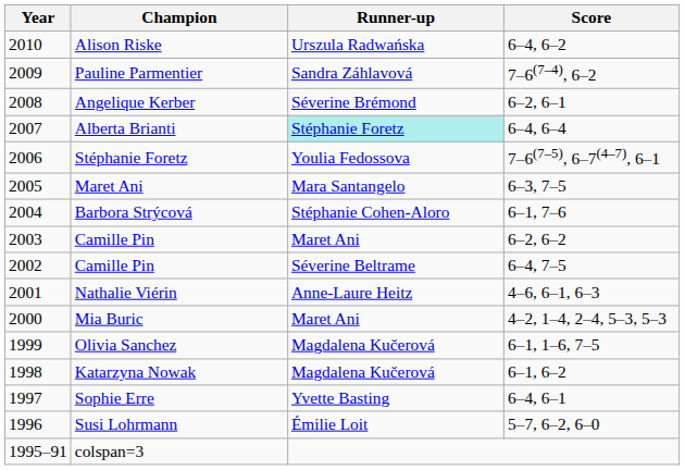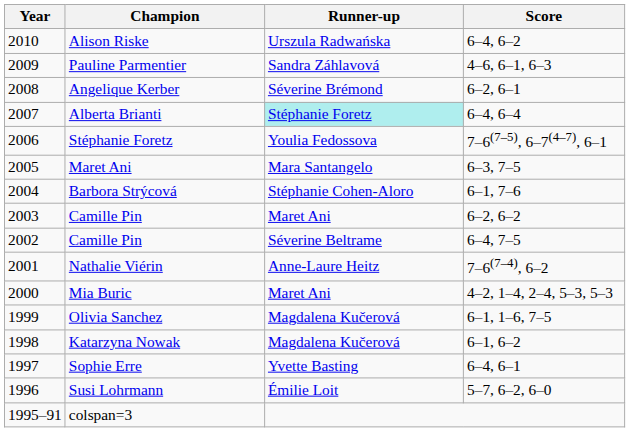 <table class="wikitable">
 <tr>
 <th>Year</th>
 <th width="200">Champion</th>
 <th width="200">Runner-up</th>
 <th width="160">Score</th>
 </tr>
 <tr>
 <td>2010</td>
 <td> <a href='#'>Alison Riske</a></td>
 <td> <a href='#'>Urszula Radwańska</a></td>
 <td>6–4, 6–2</td>
 </tr>
 <tr>
 <td>2009</td>
 <td> <a href='#'>Pauline Parmentier</a></td>
 <td> <a href='#'>Sandra Záhlavová</a></td>
-<td>7–6<sup>(7–4)</sup>, 6–2</td>
+<td>4–6, 6–1, 6–3</td>
 </tr>
 <tr>
 <td>2008</td>
 <td> <a href='#'>Angelique Kerber</a></td>
 <td> <a href='#'>Séverine Brémond</a></td>
 <td>6–2, 6–1</td>
 </tr>
 <tr>
 <td>2007</td>
 <td> <a href='#'>Alberta Brianti</a></td>
 <td style="background: paleturquoise;"> <a href='#'>Stéphanie Foretz</a></td>
 <td>6–4, 6–4</td>
 </tr>
 <tr>
 <td>2006</td>
 <td> <a href='#'>Stéphanie Foretz</a></td>
 <td> <a href='#'>Youlia Fedossova</a></td>
 <td>7–6<sup>(7–5)</sup>, 6–7<sup>(4–7)</sup>, 6–1</td>
 </tr>
 <tr>
 <td>2005</td>
 <td> <a href='#'>Maret Ani</a></td>
 <td> <a href='#'>Mara Santangelo</a></td>
 <td>6–3, 7–5</td>
 </tr>
 <tr>
 <td>2004</td>
 <td> <a href='#'>Barbora Strýcová</a></td>
 <td> <a href='#'>Stéphanie Cohen-Aloro</a></td>
 <td>6–1, 7–6</td>
 </tr>
 <tr>
 <td>2003</td>
 <td> <a href='#'>Camille Pin</a></td>
 <td> <a href='#'>Maret Ani</a></td>
 <td>6–2, 6–2</td>
 </tr>
 <tr>
 <td>2002</td>
 <td> <a href='#'>Camille Pin</a></td>
 <td> <a href='#'>Séverine Beltrame</a></td>
 <td>6–4, 7–5</td>
 </tr>
 <tr>
 <td>2001</td>
 <td> <a href='#'>Nathalie Viérin</a></td>
 <td> <a href='#'>Anne-Laure Heitz</a></td>
-<td>4–6, 6–1, 6–3</td>
+<td>7–6<sup>(7–4)</sup>, 6–2</td>
 </tr>
 <tr>
 <td>2000</td>
 <td> <a href='#'>Mia Buric</a></td>
 <td> <a href='#'>Maret Ani</a></td>
 <td>4–2, 1–4, 2–4, 5–3, 5–3</td>
 </tr>
 <tr>
 <td>1999</td>
 <td> <a href='#'>Olivia Sanchez</a></td>
 <td> <a href='#'>Magdalena Kučerová</a></td>
 <td>6–1, 1–6, 7–5</td>
 </tr>
 <tr>
 <td>1998</td>
 <td> <a href='#'>Katarzyna Nowak</a></td>
 <td> <a href='#'>Magdalena Kučerová</a></td>
 <td>6–1, 6–2</td>
 </tr>
 <tr>
 <td>1997</td>
 <td> <a href='#'>Sophie Erre</a></td>
 <td> <a href='#'>Yvette Basting</a></td>
 <td>6–4, 6–1</td>
 </tr>
 <tr>
 <td>1996</td>
 <td> <a href='#'>Susi Lohrmann</a></td>
 <td> <a href='#'>Émilie Loit</a></td>
 <td>5–7, 6–2, 6–0</td>
 </tr>
 <tr>
 <td>1995–91</td>
 <td>colspan=3 </td>
 </tr>
 </table>
